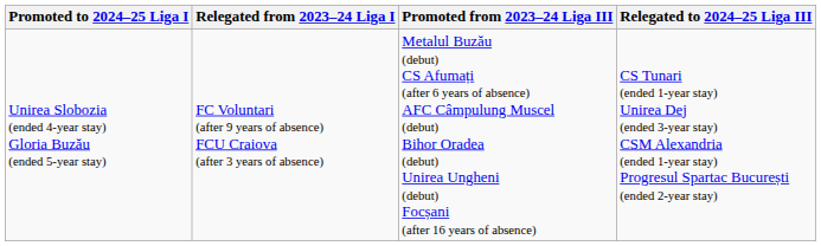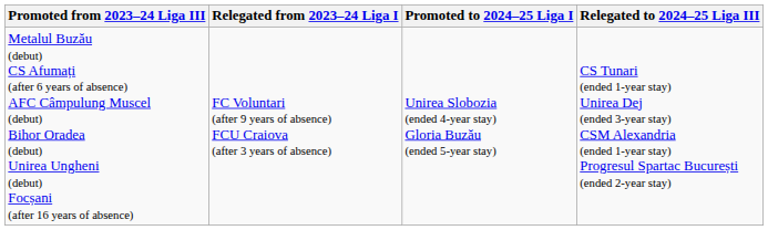 <table class="wikitable">
 <tr>
+<th>Promoted from <a href='#'>2023–24 Liga III</a></th>
+<th>Relegated from <a href='#'>2023–24 Liga I</a></th>
 <th>Promoted to <a href='#'>2024–25 Liga I</a></th>
-<th>Relegated from <a href='#'>2023–24 Liga I</a></th>
-<th>Promoted from <a href='#'>2023–24 Liga III</a></th>
 <th>Relegated to <a href='#'>2024–25 Liga III</a></th>
 </tr>
 <tr>
+<td><a href='#'>Metalul Buzău</a><br> <small>(debut)</small> <br> <a href='#'>CS Afumați</a><br> <small>(after 6 years of absence)</small> <br> <a href='#'>AFC Câmpulung Muscel</a><br> <small>(debut)</small> <br> <a href='#'>Bihor Oradea</a><br> <small>(debut)</small> <br> <a href='#'>Unirea Ungheni</a><br> <small>(debut)</small> <br> <a href='#'>Focșani</a><br> <small>(after 16 years of absence) </small></td>
+<td><a href='#'>FC Voluntari</a><br> <small>(after 9 years of absence)</small> <br> <a href='#'>FCU Craiova</a><br> <small>(after 3 years of absence)</small></td>
 <td><a href='#'>Unirea Slobozia</a><br> <small>(ended 4-year stay)</small> <br> <a href='#'>Gloria Buzău</a><br> <small>(ended 5-year stay)</small></td>
-<td><a href='#'>FC Voluntari</a><br> <small>(after 9 years of absence)</small> <br> <a href='#'>FCU Craiova</a><br> <small>(after 3 years of absence)</small></td>
-<td><a href='#'>Metalul Buzău</a><br> <small>(debut)</small> <br> <a href='#'>CS Afumați</a><br> <small>(after 6 years of absence)</small> <br> <a href='#'>AFC Câmpulung Muscel</a><br> <small>(debut)</small> <br> <a href='#'>Bihor Oradea</a><br> <small>(debut)</small> <br> <a href='#'>Unirea Ungheni</a><br> <small>(debut)</small> <br> <a href='#'>Focșani</a><br> <small>(after 16 years of absence) </small></td>
 <td><a href='#'>CS Tunari</a><br> <small>(ended 1-year stay)</small> <br> <a href='#'>Unirea Dej</a><br> <small>(ended 3-year stay)</small> <br> <a href='#'>CSM Alexandria</a><br> <small>(ended 1-year stay)</small> <br> <a href='#'>Progresul Spartac București</a><br> <small>(ended 2-year stay)</small></td>
 </tr>
 </table>
